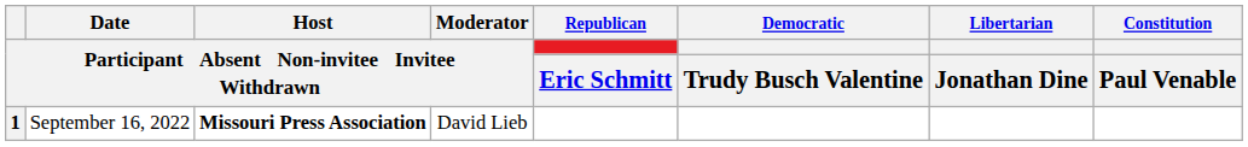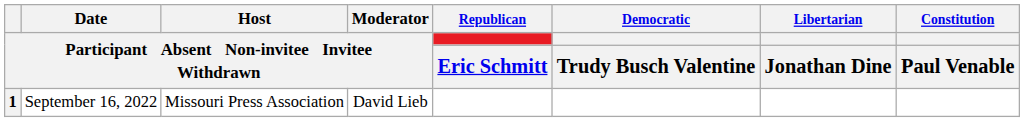 <table class="wikitable"  style="text-align:center;">
 <tr style="font-size:small;">
 <th scope="col"></th>
 <th scope="col">Date</th>
 <th scope="col">Host</th>
 <th scope="col">Moderator</th>
 <th scope="col"><small><a href='#'>Republican</a></small></th>
 <th scope="col"><small><a href='#'>Democratic</a></small></th>
 <th scope="col"><small><a href='#'>Libertarian</a></small></th>
 <th scope="col"><small><a href='#'>Constitution</a></small></th>
 </tr>
 <tr>
 <th colspan="4" rowspan="2"> <small>Participant  </small> <small>Absent  </small> <small>Non-invitee  </small> <small>Invitee</small><br><small> Withdrawn</small></th>
 <th scope="col" style="background:#E81B23;"></th>
 <th scope="col" style="background:"></th>
 <th scope="col" style="background:"></th>
 <th scope="col" style="background:"></th>
 </tr>
 <tr>
 <th scope="col"><a href='#'>Eric Schmitt</a></th>
 <th scope="col">Trudy Busch Valentine</th>
 <th scope="col">Jonathan Dine</th>
 <th scope="col">Paul Venable</th>
 </tr>
 <tr style="background:#FFFFFF;font-size:small;">
 <th scope="row">1</th>
 <td style="white-space:nowrap;">September 16, 2022</td>
-<td style="white-space:nowrap;"><strong>Missouri Press Association</strong></td>
+<td style="white-space:nowrap;">Missouri Press Association</td>
 <td style="white-space:nowrap;">David Lieb</td>
 <td></td>
 <td></td>
 <td></td>
 <td></td>
 </tr>
 </table>
